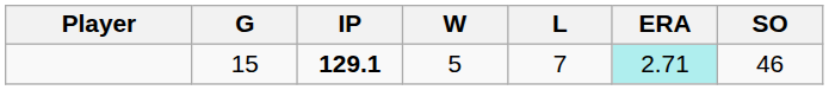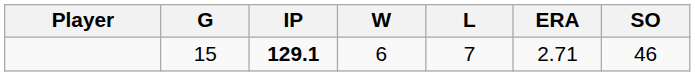 <table class="wikitable sortable">
 <tr>
 <th bgcolor="#DDDDFF" width="16%">Player</th>
 <th bgcolor="#DDDDFF" width="9%">G</th>
 <th bgcolor="#DDDDFF" width="9%">IP</th>
 <th bgcolor="#DDDDFF" width="9%">W</th>
 <th bgcolor="#DDDDFF" width="9%">L</th>
 <th bgcolor="#DDDDFF" width="9%">ERA</th>
 <th bgcolor="#DDDDFF" width="9%">SO</th>
 </tr>
 <tr align="center">
 <td></td>
 <td>15</td>
 <td><strong>129.1</strong></td>
-<td>5</td>
+<td>6</td>
 <td>7</td>
-<td style="background: paleturquoise;">2.71</td>
+<td>2.71</td>
 <td>46</td>
 </tr>
 </table>
